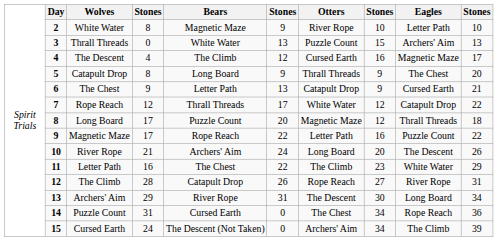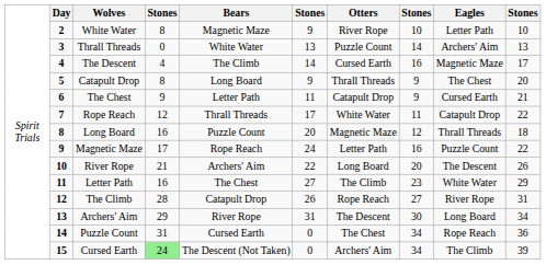 <table class="wikitable">
 <tr>
 <td rowspan="15" bgcolor="white" style="color:black" width="60" align="center"><em>Spirit Trials</em></td>
 <th>Day</th>
 <th>Wolves</th>
 <th>Stones</th>
 <th>Bears</th>
 <th>Stones</th>
 <th>Otters</th>
 <th>Stones</th>
 <th>Eagles</th>
 <th>Stones</th>
 </tr>
 <tr>
 <td align="center"><strong>2</strong></td>
 <td align="center">White Water</td>
 <td align="center">8</td>
 <td align="center">Magnetic Maze</td>
 <td align="center">9</td>
 <td align="center">River Rope</td>
 <td align="center">10</td>
 <td align="center">Letter Path</td>
 <td align="center">10</td>
 </tr>
 <tr>
 <td align="center"><strong>3</strong></td>
 <td align="center">Thrall Threads</td>
 <td align="center">0</td>
 <td align="center">White Water</td>
 <td align="center">13</td>
 <td align="center">Puzzle Count</td>
-<td align="center">15</td>
+<td align="center">14</td>
 <td align="center">Archers' Aim</td>
 <td align="center">13</td>
 </tr>
 <tr>
 <td align="center"><strong>4</strong></td>
 <td align="center">The Descent</td>
 <td align="center">4</td>
 <td align="center">The Climb</td>
-<td align="center">12</td>
+<td align="center">14</td>
 <td align="center">Cursed Earth</td>
 <td align="center">16</td>
 <td align="center">Magnetic Maze</td>
 <td align="center">17</td>
 </tr>
 <tr>
 <td align="center"><strong>5</strong></td>
 <td align="center">Catapult Drop</td>
 <td align="center">8</td>
 <td align="center">Long Board</td>
 <td align="center">9</td>
 <td align="center">Thrall Threads</td>
 <td align="center">9</td>
 <td align="center">The Chest</td>
 <td align="center">20</td>
 </tr>
 <tr>
 <td align="center"><strong>6</strong></td>
 <td align="center">The Chest</td>
 <td align="center">9</td>
 <td align="center">Letter Path</td>
-<td align="center">13</td>
+<td align="center">11</td>
 <td align="center">Catapult Drop</td>
 <td align="center">9</td>
 <td align="center">Cursed Earth</td>
 <td align="center">21</td>
 </tr>
 <tr>
 <td align="center"><strong>7</strong></td>
 <td align="center">Rope Reach</td>
 <td align="center">12</td>
 <td align="center">Thrall Threads</td>
 <td align="center">17</td>
 <td align="center">White Water</td>
-<td align="center">12</td>
+<td align="center">11</td>
 <td align="center">Catapult Drop</td>
 <td align="center">22</td>
 </tr>
 <tr>
 <td align="center"><strong>8</strong></td>
 <td align="center">Long Board</td>
-<td align="center">17</td>
+<td align="center">16</td>
 <td align="center">Puzzle Count</td>
 <td align="center">20</td>
 <td align="center">Magnetic Maze</td>
 <td align="center">12</td>
 <td align="center">Thrall Threads</td>
 <td align="center">18</td>
 </tr>
 <tr>
 <td align="center"><strong>9</strong></td>
 <td align="center">Magnetic Maze</td>
 <td align="center">17</td>
 <td align="center">Rope Reach</td>
-<td align="center">22</td>
+<td align="center">24</td>
 <td align="center">Letter Path</td>
 <td align="center">16</td>
 <td align="center">Puzzle Count</td>
 <td align="center">22</td>
 </tr>
 <tr>
 <td align="center"><strong>10</strong></td>
 <td align="center">River Rope</td>
 <td align="center">21</td>
 <td align="center">Archers' Aim</td>
-<td align="center">24</td>
+<td align="center">22</td>
 <td align="center">Long Board</td>
 <td align="center">20</td>
 <td align="center">The Descent</td>
 <td align="center">26</td>
 </tr>
 <tr>
 <td align="center"><strong>11</strong></td>
 <td align="center">Letter Path</td>
 <td align="center">16</td>
 <td align="center">The Chest</td>
-<td align="center">22</td>
+<td align="center">27</td>
 <td align="center">The Climb</td>
 <td align="center">23</td>
 <td align="center">White Water</td>
 <td align="center">29</td>
 </tr>
 <tr>
 <td align="center"><strong>12</strong></td>
 <td align="center">The Climb</td>
 <td align="center">28</td>
 <td align="center">Catapult Drop</td>
 <td align="center">26</td>
 <td align="center">Rope Reach</td>
 <td align="center">27</td>
 <td align="center">River Rope</td>
 <td align="center">31</td>
 </tr>
 <tr>
 <td align="center"><strong>13</strong></td>
 <td align="center">Archers' Aim</td>
 <td align="center">29</td>
 <td align="center">River Rope</td>
 <td align="center">31</td>
 <td align="center">The Descent</td>
 <td align="center">30</td>
 <td align="center">Long Board</td>
 <td align="center">34</td>
 </tr>
 <tr>
 <td align="center"><strong>14</strong></td>
 <td align="center">Puzzle Count</td>
 <td align="center">31</td>
 <td align="center">Cursed Earth</td>
 <td align="center">0</td>
 <td align="center">The Chest</td>
 <td align="center">34</td>
 <td align="center">Rope Reach</td>
 <td align="center">36</td>
 </tr>
 <tr>
 <td align="center"><strong>15</strong></td>
 <td align="center">Cursed Earth</td>
-<td align="center">24</td>
+<td align="center" style="background: lightgreen;">24</td>
 <td align="center">The Descent (Not Taken)</td>
 <td align="center">0</td>
 <td align="center">Archers' Aim</td>
 <td align="center">34</td>
 <td align="center">The Climb</td>
 <td align="center">39</td>
 </tr>
 </table>
